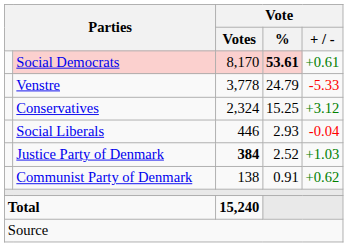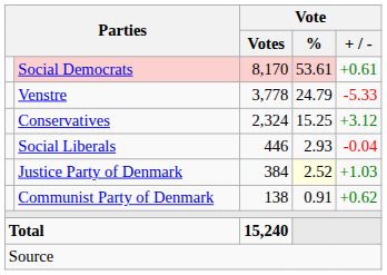 <table class="wikitable" style="text-align:right;">
 <tr>
 <th style="text-align:centre;" rowspan="2" colspan="2" width="225">Parties</th>
 <th colspan="3">Vote</th>
 </tr>
 <tr>
 <th width="15">Votes</th>
 <th width="15">%</th>
 <th width="15">+ / -</th>
 </tr>
 <tr>
 <td width="2" style="color:inherit;background:"></td>
 <td bgcolor=#fbd0ce  align="left"><a href='#'>Social Democrats</a></td>
 <td bgcolor=#fbd0ce>8,170</td>
-<td bgcolor=#fbd0ce><strong>53.61</strong></td>
+<td bgcolor=#fbd0ce>53.61</td>
 <td style=color:green;>+0.61</td>
 </tr>
 <tr>
 <td width="2" style="color:inherit;background:"></td>
 <td align="left"><a href='#'>Venstre</a></td>
 <td>3,778</td>
 <td>24.79</td>
 <td style=color:red;>-5.33</td>
 </tr>
 <tr>
 <td width="2" style="color:inherit;background:"></td>
 <td align="left"><a href='#'>Conservatives</a></td>
 <td>2,324</td>
 <td>15.25</td>
 <td style=color:green;>+3.12</td>
 </tr>
 <tr>
 <td width="2" style="color:inherit;background:"></td>
 <td align="left"><a href='#'>Social Liberals</a></td>
 <td>446</td>
 <td>2.93</td>
 <td style=color:red;>-0.04</td>
 </tr>
 <tr>
 <td width="2" style="color:inherit;background:"></td>
 <td align="left"><a href='#'>Justice Party of Denmark</a></td>
-<td><strong>384</strong></td>
-<td>2.52</td>
+<td>384</td>
+<td style="background: lightyellow;">2.52</td>
 <td style=color:green;>+1.03</td>
 </tr>
 <tr>
 <td width="2" style="color:inherit;background:"></td>
 <td align="left"><a href='#'>Communist Party of Denmark</a></td>
 <td>138</td>
 <td>0.91</td>
 <td style=color:green;>+0.62</td>
 </tr>
 <tr>
 <td colspan="7" bgcolor="#E9E9E9"></td>
 </tr>
 <tr>
 <td align="left" colspan="2"><strong>Total</strong></td>
 <td><strong>15,240</strong></td>
 <td bgcolor="#E9E9E9" colspan="2"></td>
 </tr>
 <tr>
 <td align="left" colspan="6">Source</td>
 </tr>
 </table>
